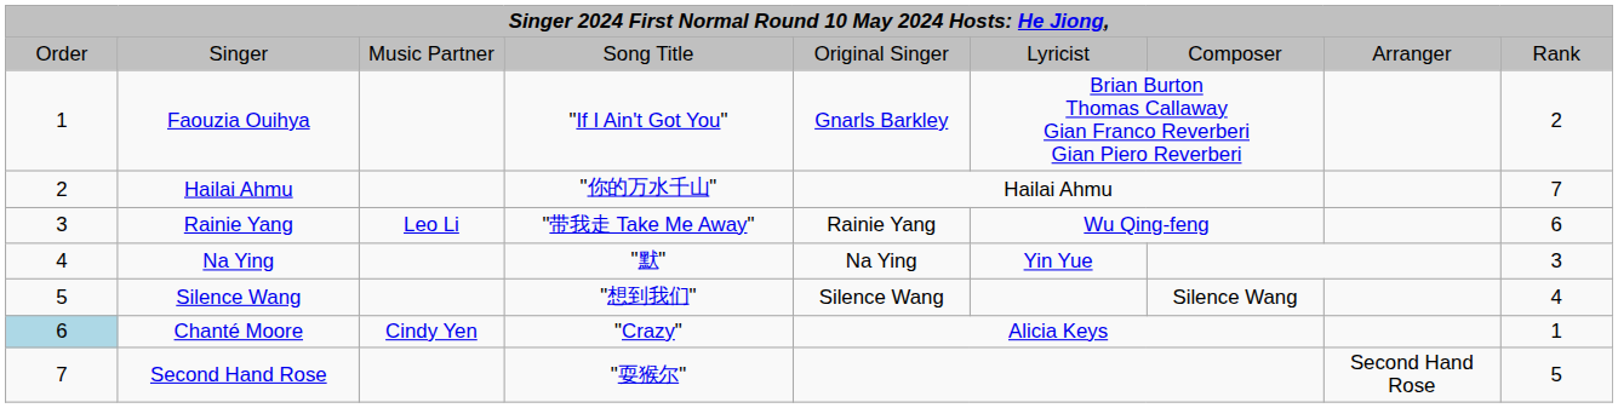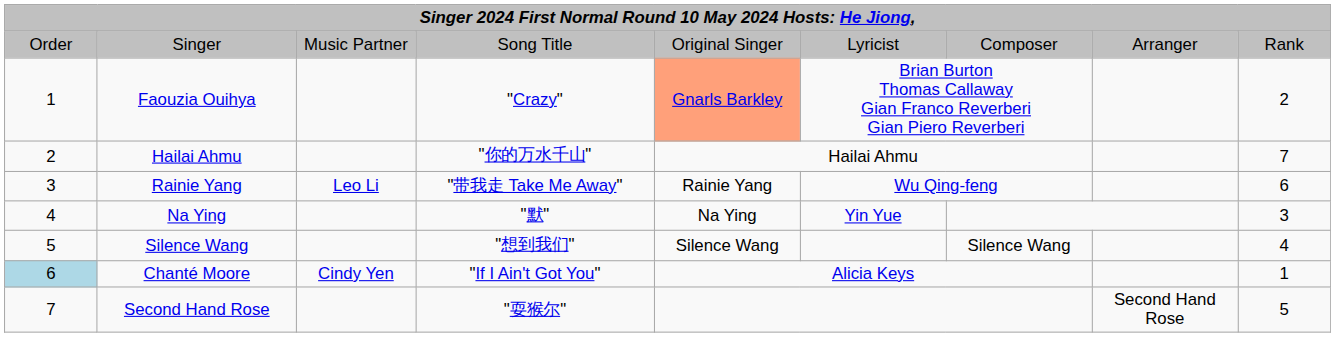 <table class="wikitable sortable mw-collapsibleiamasinger-s09" width="100%" style="text-align:center">
 <tr align=center style="background:silver">
 <td colspan="9"><div><strong><em>Singer<em> 2024 First Normal Round 10 May 2024 Hosts: <a href='#'>He Jiong</a>, <strong></div></td>
 </tr>
 <tr style="background:silver">
 <td style="width:7%"></strong>Order<strong></td>
 <td style="width:15%"></strong>Singer<strong></td>
 <td style="width:9%"></strong>Music Partner<strong></td>
 <td style="width:18%"></strong>Song Title<strong></td>
 <td style="width:11%"></strong>Original Singer<strong></td>
 <td style="width:11%"></strong>Lyricist<strong></td>
 <td style="width:11%"></strong>Composer<strong></td>
 <td style="width:11%"></strong>Arranger<strong></td>
 <td style="width:7%"></strong>Rank<strong></td>
 </tr>
 <tr>
 <td>1</td>
 <td><a href='#'>Faouzia Ouihya</a></td>
 <td></td>
-<td>"<a href='#'>If I Ain't Got You</a>"</td>
-<td><a href='#'>Gnarls Barkley</a></td>
+<td>"<a href='#'>Crazy</a>"</td>
+<td style="background: lightsalmon;"><a href='#'>Gnarls Barkley</a></td>
 <td colspan=2><a href='#'>Brian Burton</a><br><a href='#'>Thomas Callaway</a><br><a href='#'>Gian Franco Reverberi</a><br><a href='#'>Gian Piero Reverberi</a></td>
 <td><br><br></td>
 <td>2</td>
 </tr>
 <tr>
 <td>2</td>
 <td><a href='#'>Hailai Ahmu</a></td>
 <td></td>
 <td>"<a href='#'>你的万水千山</a>"</td>
 <td colspan=3>Hailai Ahmu</td>
 <td></td>
 <td>7</td>
 </tr>
 <tr>
 <td>3</td>
 <td><a href='#'>Rainie Yang</a></td>
 <td><a href='#'>Leo Li</a></td>
 <td>"<a href='#'>带我走 Take Me Away</a>"</td>
 <td>Rainie Yang</td>
 <td colspan=2><a href='#'>Wu Qing-feng</a></td>
 <td></td>
 <td>6</td>
 </tr>
 <tr>
 <td>4</td>
 <td><a href='#'>Na Ying</a></td>
 <td></td>
 <td>"<a href='#'>默</a>"</td>
 <td>Na Ying</td>
 <td><a href='#'>Yin Yue</a></td>
 <td colspan=2></td>
 <td>3</td>
 </tr>
 <tr>
 <td>5</td>
 <td><a href='#'>Silence Wang</a></td>
 <td></td>
 <td>"<a href='#'>想到我们</a>"</td>
 <td>Silence Wang</td>
 <td></td>
 <td>Silence Wang</td>
 <td><br></td>
 <td>4</td>
 </tr>
 <tr>
 <td style="background: lightblue;">6</td>
 <td><a href='#'>Chanté Moore</a></td>
 <td><a href='#'>Cindy Yen</a></td>
-<td>"<a href='#'>Crazy</a>"</td>
+<td>"<a href='#'>If I Ain't Got You</a>"</td>
 <td colspan=3><a href='#'>Alicia Keys</a></td>
 <td></td>
 <td>1</td>
 </tr>
 <tr>
 <td>7</td>
 <td><a href='#'>Second Hand Rose</a></td>
 <td></td>
 <td>"<a href='#'>耍猴尔</a>"</td>
 <td colspan=3></td>
 <td>Second Hand Rose</td>
 <td>5</td>
 </tr>
 </table>
